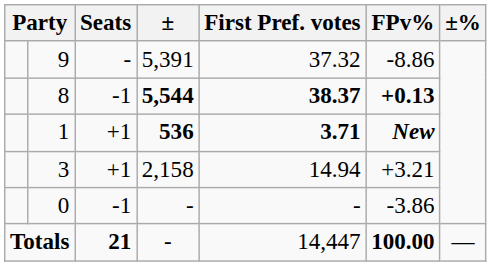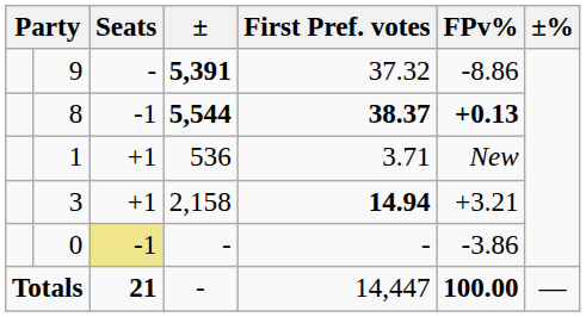 <table class=wikitable>
 <tr>
 <th colspan=2 align=center>Party</th>
 <th valign=top>Seats</th>
 <th valign=top>±</th>
 <th valign=top>First Pref. votes</th>
 <th valign=top>FPv%</th>
 <th valign=top>±%</th>
 </tr>
 <tr>
 <td></td>
 <td align=right>9</td>
 <td align=right>-</td>
-<td align=right>5,391</td>
+<td align=right><strong>5,391</strong></td>
 <td align=right>37.32</td>
 <td align=right>-8.86</td>
 </tr>
 <tr>
 <td></td>
 <td align=right>8</td>
 <td align=right>-1</td>
 <td align=right><strong>5,544</strong></td>
 <td align=right><strong>38.37</strong></td>
 <td align=right><strong>+0.13</strong></td>
 </tr>
 <tr>
 <td></td>
 <td align=right>1</td>
 <td align=right>+1</td>
-<td align=right><strong>536</strong></td>
-<td align=right><strong>3.71</strong></td>
-<td align=right><strong><em>New</em></strong></td>
+<td align=right>536</td>
+<td align=right>3.71</td>
+<td align=right><em>New</em></td>
 </tr>
 <tr>
 <td></td>
 <td align=right>3</td>
 <td align=right>+1</td>
 <td align=right>2,158</td>
-<td align=right>14.94</td>
+<td align=right><strong>14.94</strong></td>
 <td align=right>+3.21</td>
 </tr>
 <tr>
 <td></td>
 <td align=right>0</td>
-<td align=right>-1</td>
+<td align=right style="background: khaki;">-1</td>
 <td align=right>-</td>
 <td align=right>-</td>
 <td align=right>-3.86</td>
 </tr>
 <tr>
 <td colspan=2 align=center><strong>Totals</strong></td>
 <td align=right><strong>21</strong></td>
 <td align=center>-</td>
 <td align=right>14,447</td>
 <td align=center><strong>100.00</strong></td>
 <td align=center>—</td>
 </tr>
 </table>
